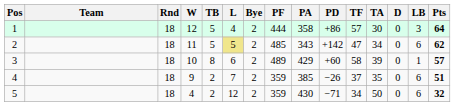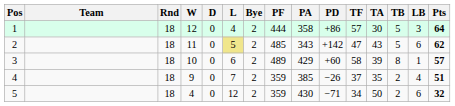 <table class="wikitable" style="text-align:center">
 <tr>
 <th style="width:25px">Pos</th>
 <th style="width:200px">Team</th>
 <th style="width:25px">Rnd</th>
 <th style="width:25px">W</th>
-<th style="width:25px">TB</th>
+<th style="width:25px">D</th>
 <th style="width:25px">L</th>
 <th style="width:25px">Bye</th>
 <th style="width:35px">PF</th>
 <th style="width:35px">PA</th>
 <th style="width:35px">PD</th>
 <th style="width:25px">TF</th>
 <th style="width:25px">TA</th>
-<th style="width:25px">D</th>
+<th style="width:25px">TB</th>
 <th style="width:25px">LB</th>
 <th style="width:25px">Pts</th>
 </tr>
 <tr style="background:#d8ffeb">
 <td>1</td>
 <td style="text-align:left"></td>
 <td>18</td>
 <td>12</td>
-<td>5</td>
+<td>0</td>
 <td>4</td>
 <td>2</td>
 <td>444</td>
 <td>358</td>
 <td>+86</td>
 <td>57</td>
 <td>30</td>
-<td>0</td>
+<td>5</td>
 <td>3</td>
 <td><strong>64</strong></td>
 </tr>
 <tr>
 <td>2</td>
 <td style="text-align:left"></td>
 <td>18</td>
 <td>11</td>
-<td>5</td>
+<td>0</td>
 <td style="background: khaki;">5</td>
 <td>2</td>
 <td>485</td>
 <td>343</td>
 <td>+142</td>
 <td>47</td>
-<td>34</td>
-<td>0</td>
+<td>43</td>
+<td>5</td>
 <td>6</td>
 <td><strong>62</strong></td>
 </tr>
 <tr>
 <td>3</td>
 <td style="text-align:left"></td>
 <td>18</td>
 <td>10</td>
-<td>8</td>
+<td>0</td>
 <td>6</td>
 <td>2</td>
 <td>489</td>
 <td>429</td>
 <td>+60</td>
 <td>58</td>
 <td>39</td>
-<td>0</td>
+<td>8</td>
 <td>1</td>
 <td><strong>57</strong></td>
 </tr>
 <tr>
 <td>4</td>
 <td style="text-align:left"></td>
 <td>18</td>
 <td>9</td>
-<td>2</td>
+<td>0</td>
 <td>7</td>
 <td>2</td>
 <td>359</td>
 <td>385</td>
 <td>−26</td>
 <td>37</td>
 <td>35</td>
-<td>0</td>
-<td>6</td>
+<td>2</td>
+<td>4</td>
 <td><strong>51</strong></td>
 </tr>
 <tr>
 <td>5</td>
 <td style="text-align:left"></td>
 <td>18</td>
 <td>4</td>
-<td>2</td>
+<td>0</td>
 <td>12</td>
 <td>2</td>
 <td>359</td>
 <td>430</td>
 <td>−71</td>
 <td>34</td>
 <td>50</td>
-<td>0</td>
+<td>2</td>
 <td>6</td>
 <td><strong>32</strong></td>
 </tr>
 </table>
